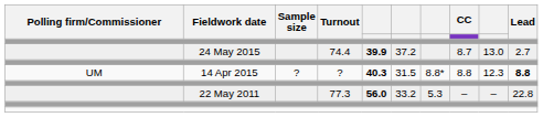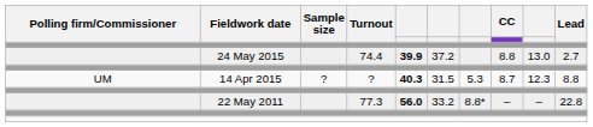 <table class="wikitable collapsible collapsed" style="text-align:center; font-size:95%; line-height:16px;">
 <tr style="height:42px;">
 <th style="width:250px;" rowspan="2">Polling firm/Commissioner</th>
 <th style="width:125px;" rowspan="2">Fieldwork date</th>
 <th style="width:50px;" rowspan="2">Sample size</th>
 <th style="width:45px;" rowspan="2">Turnout</th>
 <th style="width:35px;"></th>
 <th style="width:35px;"></th>
 <th style="width:35px;"></th>
 <th style="width:35px;">CC</th>
 <th style="width:35px;"></th>
 <th style="width:30px;" rowspan="2">Lead</th>
 </tr>
 <tr>
 <th style="color:inherit;background:"></th>
 <th style="color:inherit;background:"></th>
 <th style="color:inherit;background:"></th>
 <th style="color:inherit;background:#7833C1;"></th>
 <th style="color:inherit;background:"></th>
 </tr>
 <tr>
 <td colspan="11" style="background:#A0A0A0"></td>
 </tr>
 <tr style="background:#EFEFEF;">
 <td><strong></strong></td>
 <td>24 May 2015</td>
 <td></td>
 <td>74.4</td>
 <td><strong>39.9</strong><br></td>
 <td>37.2<br></td>
 <td></td>
-<td>8.7<br></td>
+<td>8.8<br></td>
 <td>13.0<br></td>
 <td style="background:">2.7</td>
 </tr>
 <tr>
 <td colspan="11" style="background:#A0A0A0"></td>
 </tr>
 <tr>
 <td>UM</td>
 <td>14 Apr 2015</td>
 <td>?</td>
 <td>?</td>
 <td><strong>40.3</strong><br></td>
 <td>31.5<br></td>
-<td>8.8*<br></td>
-<td>8.8<br></td>
+<td>5.3<br></td>
+<td>8.7<br></td>
 <td>12.3<br></td>
-<td style="background:"><strong>8.8</strong></td>
+<td style="background:">8.8</td>
 </tr>
 <tr>
 <td colspan="11" style="background:#A0A0A0"></td>
 </tr>
 <tr style="background:#EFEFEF;">
 <td><strong></strong></td>
 <td>22 May 2011</td>
 <td></td>
 <td>77.3</td>
 <td><strong>56.0</strong><br></td>
 <td>33.2<br></td>
-<td>5.3<br></td>
+<td>8.8*<br></td>
 <td>–</td>
 <td>–</td>
 <td style="background:">22.8</td>
 </tr>
 <tr>
 <td colspan="11" style="background:#A0A0A0"></td>
 </tr>
 <tr>
 <td align="left" colspan="11"></td>
 </tr>
 </table>
